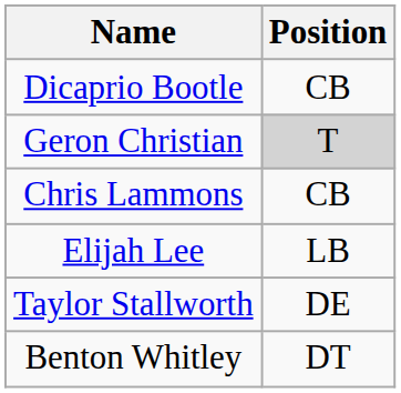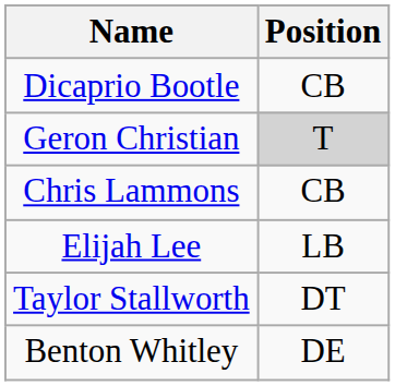 <table class="wikitable" style="text-align:center">
 <tr>
 <th>Name</th>
 <th>Position</th>
 </tr>
 <tr>
 <td><a href='#'>Dicaprio Bootle</a></td>
 <td>CB</td>
 </tr>
 <tr>
 <td><a href='#'>Geron Christian</a></td>
 <td style="background: lightgrey;">T</td>
 </tr>
 <tr>
 <td><a href='#'>Chris Lammons</a></td>
 <td>CB</td>
 </tr>
 <tr>
 <td><a href='#'>Elijah Lee</a></td>
 <td>LB</td>
 </tr>
 <tr>
 <td><a href='#'>Taylor Stallworth</a></td>
-<td>DE</td>
+<td>DT</td>
 </tr>
 <tr>
 <td>Benton Whitley</td>
-<td>DT</td>
+<td>DE</td>
 </tr>
 </table>
